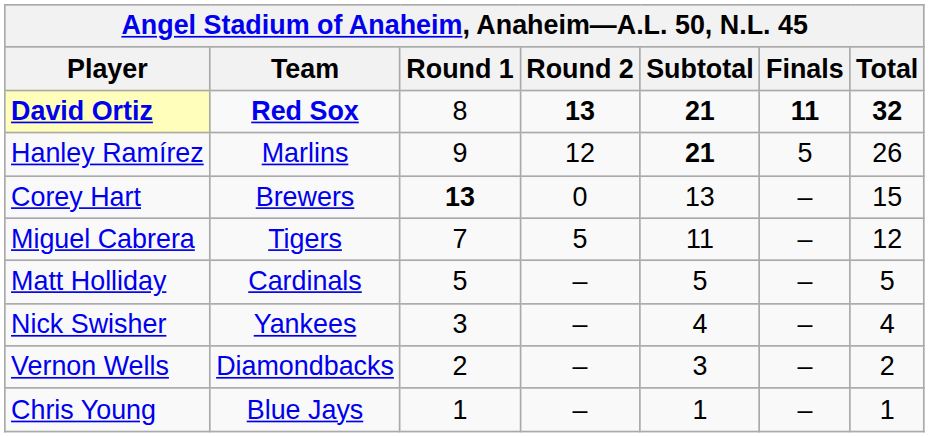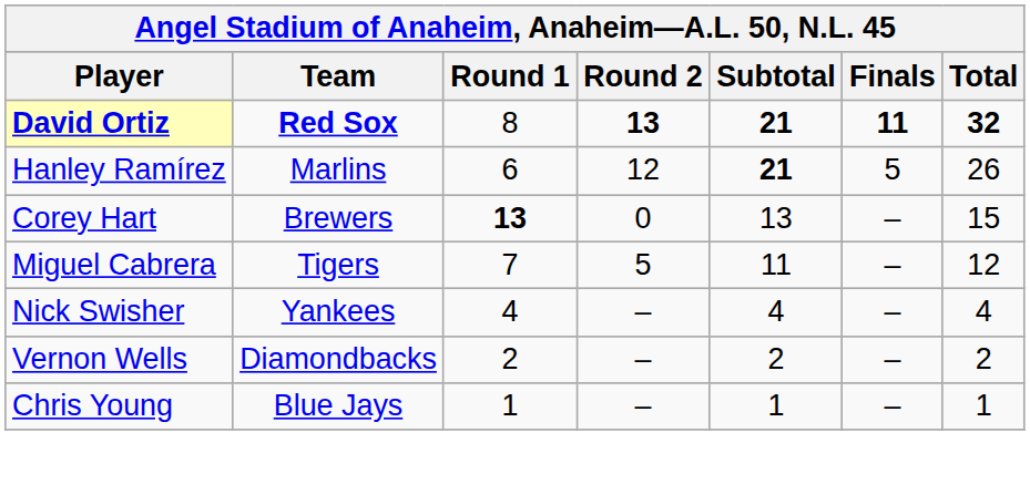 <table class="wikitable" style="text-align:center;">
 <tr>
 <th colspan="7"><a href='#'>Angel Stadium of Anaheim</a>, Anaheim—A.L. 50, N.L. 45</th>
 </tr>
 <tr>
 <th>Player</th>
 <th>Team</th>
 <th>Round 1</th>
 <th>Round 2</th>
 <th>Subtotal</th>
 <th>Finals</th>
 <th>Total</th>
 </tr>
 <tr>
 <td align="left" style="background:#ffb"><strong><a href='#'>David Ortiz</a></strong></td>
 <td><strong><a href='#'>Red Sox</a></strong></td>
 <td>8</td>
 <td><strong>13</strong></td>
 <td><strong>21</strong></td>
 <td><strong>11</strong></td>
 <td><strong>32</strong></td>
 </tr>
 <tr>
 <td align="left"><a href='#'>Hanley Ramírez</a></td>
 <td><a href='#'>Marlins</a></td>
-<td>9</td>
+<td>6</td>
 <td>12</td>
 <td><strong>21</strong></td>
 <td>5</td>
 <td>26</td>
 </tr>
 <tr>
 <td align="left"><a href='#'>Corey Hart</a></td>
 <td><a href='#'>Brewers</a></td>
 <td><strong>13</strong></td>
 <td>0</td>
 <td>13</td>
 <td>–</td>
 <td>15</td>
 </tr>
 <tr>
 <td align="left"><a href='#'>Miguel Cabrera</a></td>
 <td><a href='#'>Tigers</a></td>
 <td>7</td>
 <td>5</td>
 <td>11</td>
 <td>–</td>
 <td>12</td>
 </tr>
 <tr>
-<td align="left"><a href='#'>Matt Holliday</a></td>
-<td><a href='#'>Cardinals</a></td>
-<td>5</td>
-<td>–</td>
-<td>5</td>
-<td>–</td>
-<td>5</td>
-</tr>
-<tr>
 <td align="left"><a href='#'>Nick Swisher</a></td>
 <td><a href='#'>Yankees</a></td>
-<td>3</td>
+<td>4</td>
 <td>–</td>
 <td>4</td>
 <td>–</td>
 <td>4</td>
 </tr>
 <tr>
 <td align="left"><a href='#'>Vernon Wells</a></td>
 <td><a href='#'>Diamondbacks</a></td>
 <td>2</td>
 <td>–</td>
-<td>3</td>
+<td>2</td>
 <td>–</td>
 <td>2</td>
 </tr>
 <tr>
 <td align="left"><a href='#'>Chris Young</a></td>
 <td><a href='#'>Blue Jays</a></td>
 <td>1</td>
 <td>–</td>
 <td>1</td>
 <td>–</td>
 <td>1</td>
 </tr>
 </table>
